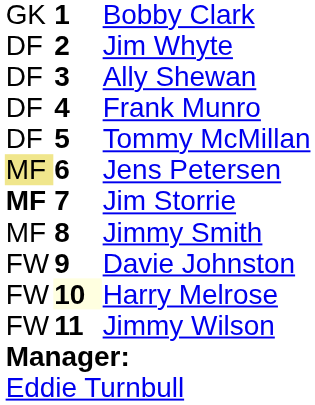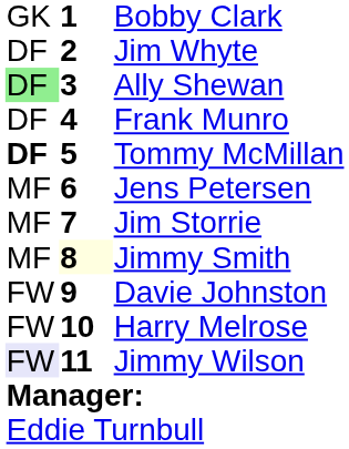 <table cellspacing="0" cellpadding="0" style="font-size:90%; margin:0.2em auto;">
 <tr>
 <th width="25"></th>
 <th width="25"></th>
 </tr>
 <tr>
 <td>GK</td>
 <td><strong>1</strong></td>
 <td> <a href='#'>Bobby Clark</a></td>
 </tr>
 <tr>
 <td>DF</td>
 <td><strong>2</strong></td>
 <td> <a href='#'>Jim Whyte</a></td>
 </tr>
 <tr>
-<td>DF</td>
+<td style="background: lightgreen;">DF</td>
 <td><strong>3</strong></td>
 <td> <a href='#'>Ally Shewan</a></td>
 </tr>
 <tr>
 <td>DF</td>
 <td><strong>4</strong></td>
 <td> <a href='#'>Frank Munro</a></td>
 </tr>
 <tr>
-<td>DF</td>
+<td><strong>DF</strong></td>
 <td><strong>5</strong></td>
 <td> <a href='#'>Tommy McMillan</a></td>
 </tr>
 <tr>
-<td style="background: khaki;">MF</td>
+<td>MF</td>
 <td><strong>6</strong></td>
 <td> <a href='#'>Jens Petersen</a></td>
 </tr>
 <tr>
-<td><strong>MF</strong></td>
+<td>MF</td>
 <td><strong>7</strong></td>
 <td> <a href='#'>Jim Storrie</a></td>
 </tr>
 <tr>
 <td>MF</td>
-<td><strong>8</strong></td>
+<td style="background: lightyellow;"><strong>8</strong></td>
 <td> <a href='#'>Jimmy Smith</a></td>
 <td></td>
 </tr>
 <tr>
 <td>FW</td>
 <td><strong>9</strong></td>
 <td> <a href='#'>Davie Johnston</a></td>
 </tr>
 <tr>
 <td>FW</td>
-<td style="background: lightyellow;"><strong>10</strong></td>
+<td><strong>10</strong></td>
 <td> <a href='#'>Harry Melrose</a></td>
 </tr>
 <tr>
-<td>FW</td>
+<td style="background: lavender;">FW</td>
 <td><strong>11</strong></td>
 <td> <a href='#'>Jimmy Wilson</a></td>
 </tr>
 <tr>
 <td colspan=3><strong>Manager:</strong></td>
 </tr>
 <tr>
 <td colspan=4> <a href='#'>Eddie Turnbull</a></td>
 </tr>
 </table>
